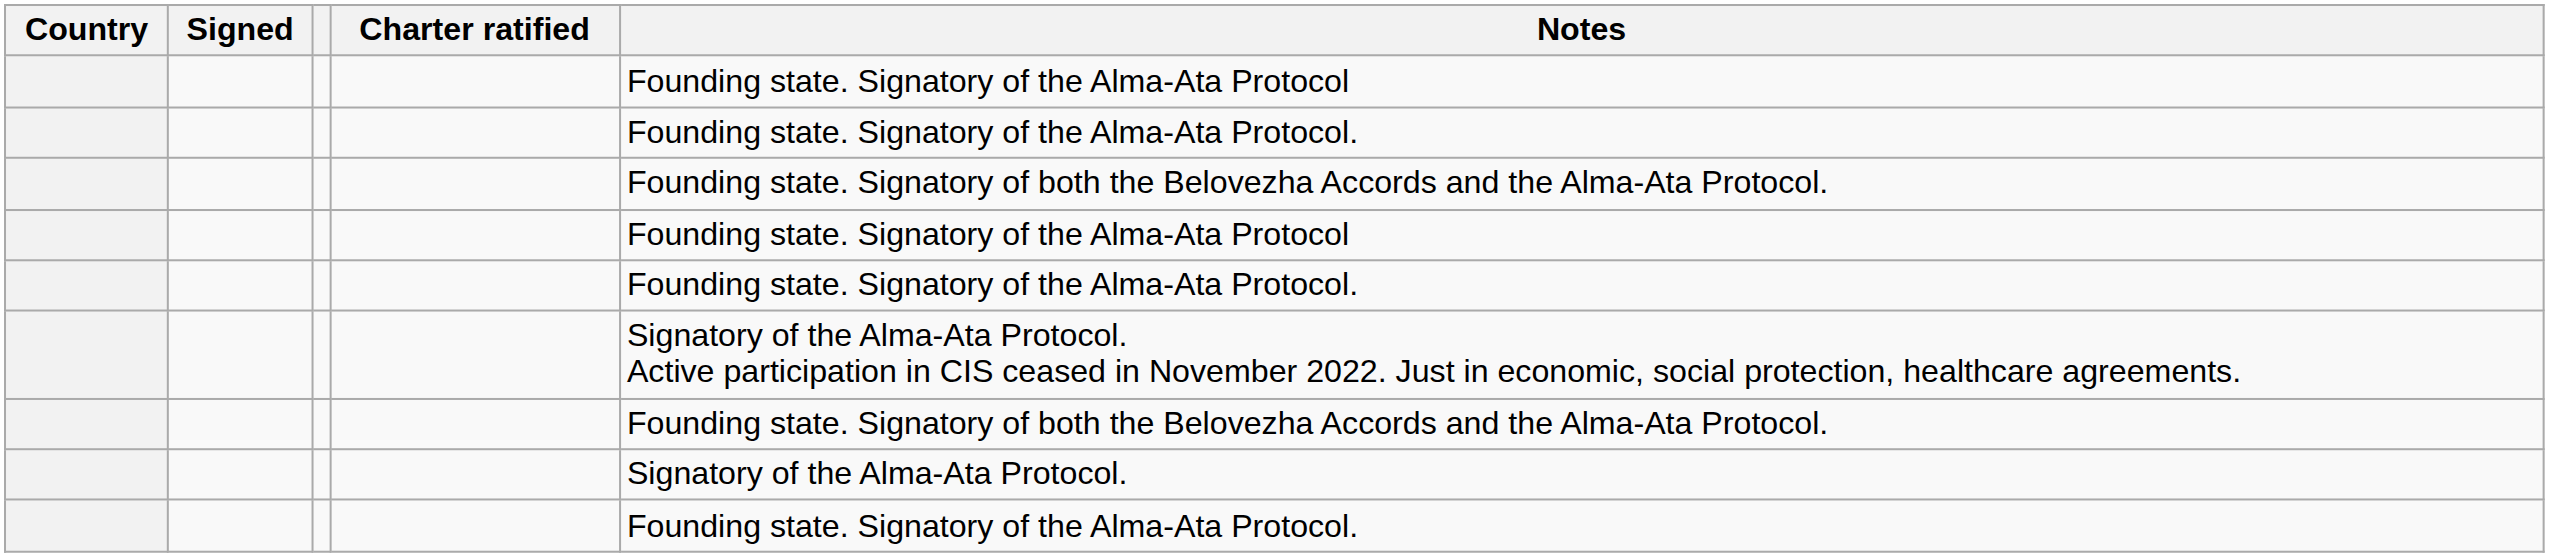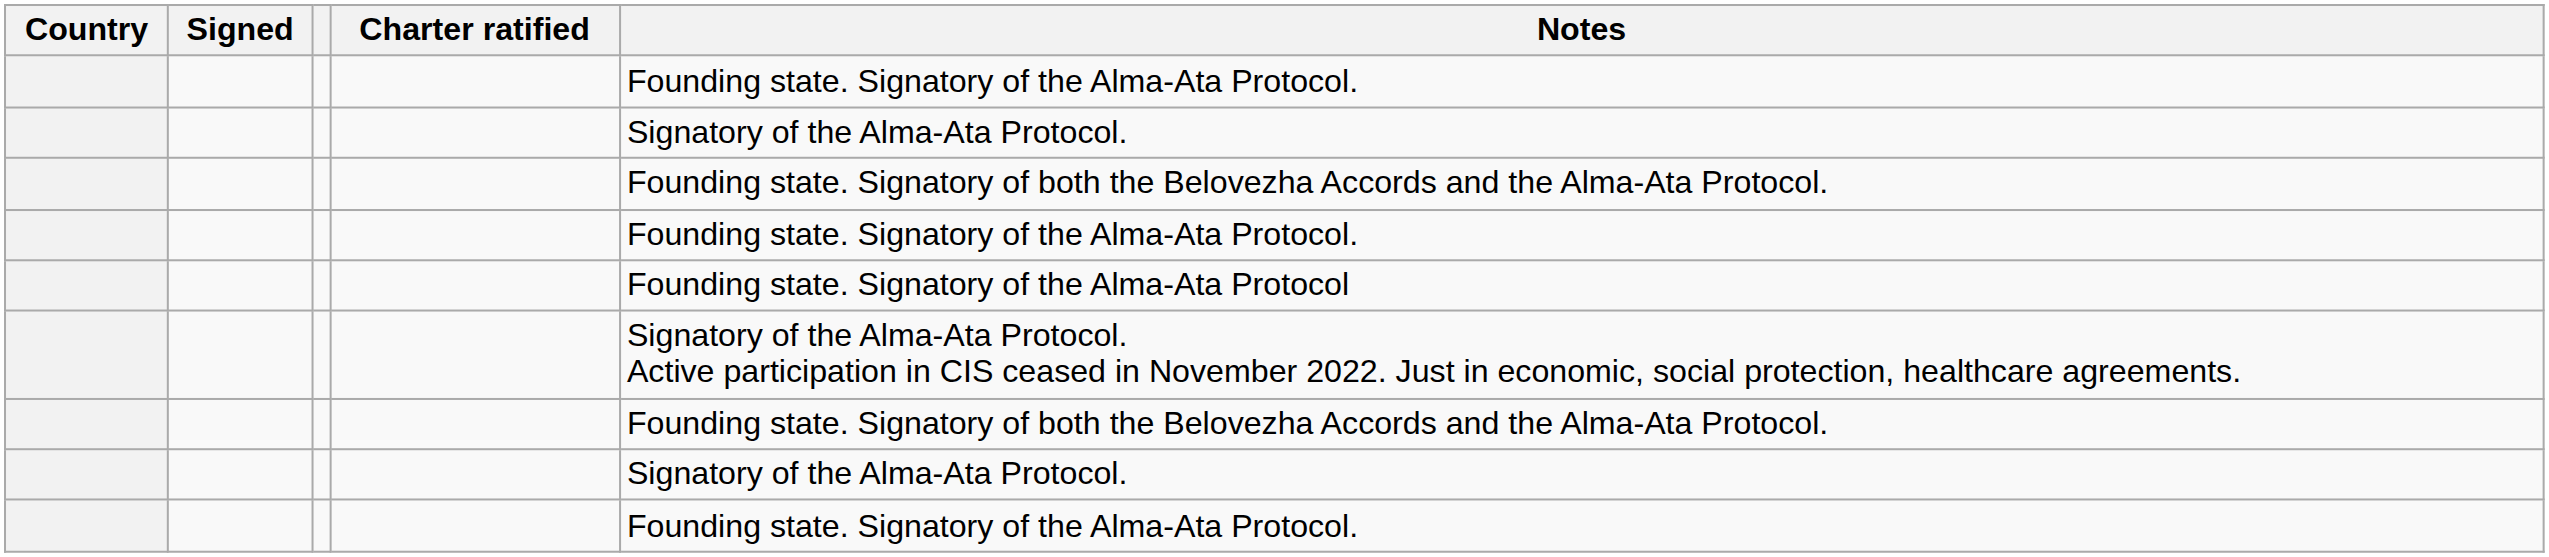 <table class="wikitable sortable plainrowheaders"; width=100%>
 <tr>
 <th scope="col">Country</th>
 <th scope="col">Signed</th>
 <th scope="col"></th>
 <th scope="col">Charter ratified</th>
 <th scope="col">Notes</th>
 </tr>
 <tr>
 <th scope="row"></th>
 <td></td>
 <td></td>
 <td></td>
-<td>Founding state. Signatory of the Alma-Ata Protocol</td>
+<td>Founding state. Signatory of the Alma-Ata Protocol.</td>
+</tr>
+<tr>
+<th scope="row"></th>
+<td></td>
+<td></td>
+<td></td>
+<td>Signatory of the Alma-Ata Protocol.</td>
+</tr>
+<tr>
+<th scope="row"></th>
+<td></td>
+<td></td>
+<td></td>
+<td>Founding state. Signatory of both the Belovezha Accords and the Alma-Ata Protocol.</td>
 </tr>
 <tr>
 <th scope="row"></th>
 <td></td>
 <td></td>
 <td></td>
 <td>Founding state. Signatory of the Alma-Ata Protocol.</td>
 </tr>
 <tr>
 <th scope="row"></th>
 <td></td>
 <td></td>
 <td></td>
-<td>Founding state. Signatory of both the Belovezha Accords and the Alma-Ata Protocol.</td>
-</tr>
-<tr>
-<th scope="row"></th>
-<td></td>
-<td></td>
-<td></td>
 <td>Founding state. Signatory of the Alma-Ata Protocol</td>
-</tr>
-<tr>
-<th scope="row"></th>
-<td></td>
-<td></td>
-<td></td>
-<td>Founding state. Signatory of the Alma-Ata Protocol.</td>
 </tr>
 <tr>
 <th scope="row"></th>
 <td></td>
 <td></td>
 <td></td>
 <td>Signatory of the Alma-Ata Protocol.<br>Active participation in CIS ceased in November 2022. Just in economic, social protection, healthcare agreements.</td>
 </tr>
 <tr>
 <th scope="row"></th>
 <td></td>
 <td></td>
 <td></td>
 <td>Founding state. Signatory of both the Belovezha Accords and the Alma-Ata Protocol.</td>
 </tr>
 <tr>
 <th scope="row"></th>
 <td></td>
 <td></td>
 <td></td>
 <td>Signatory of the Alma-Ata Protocol.</td>
 </tr>
 <tr>
 <th scope="row"></th>
 <td></td>
 <td></td>
 <td></td>
 <td>Founding state. Signatory of the Alma-Ata Protocol.</td>
 </tr>
 </table>
